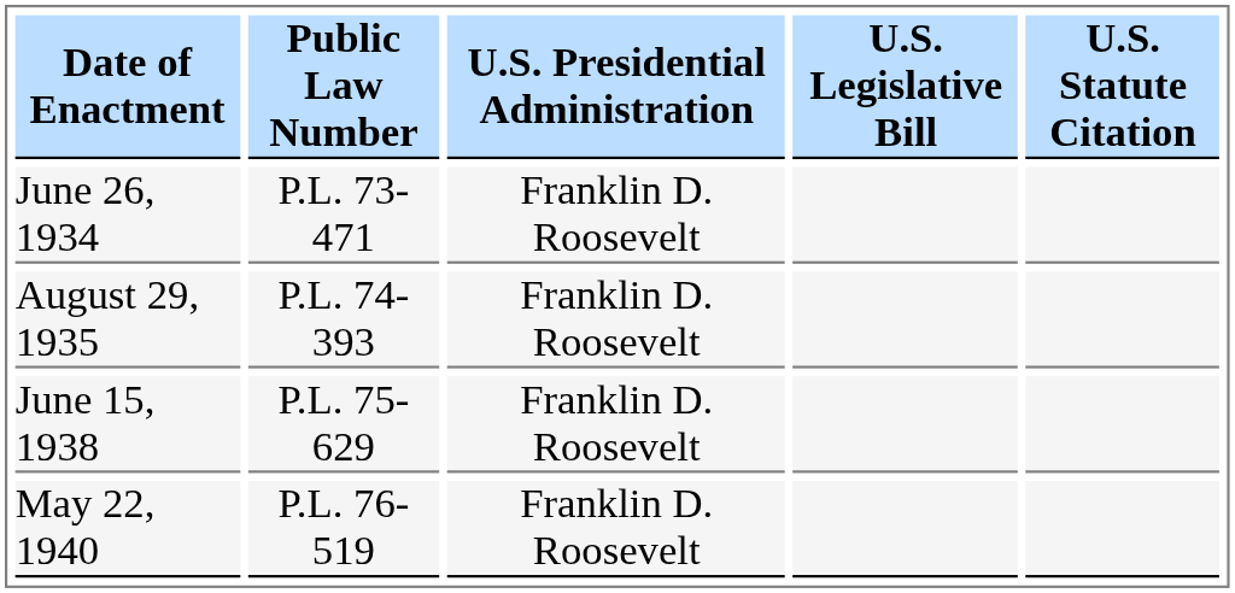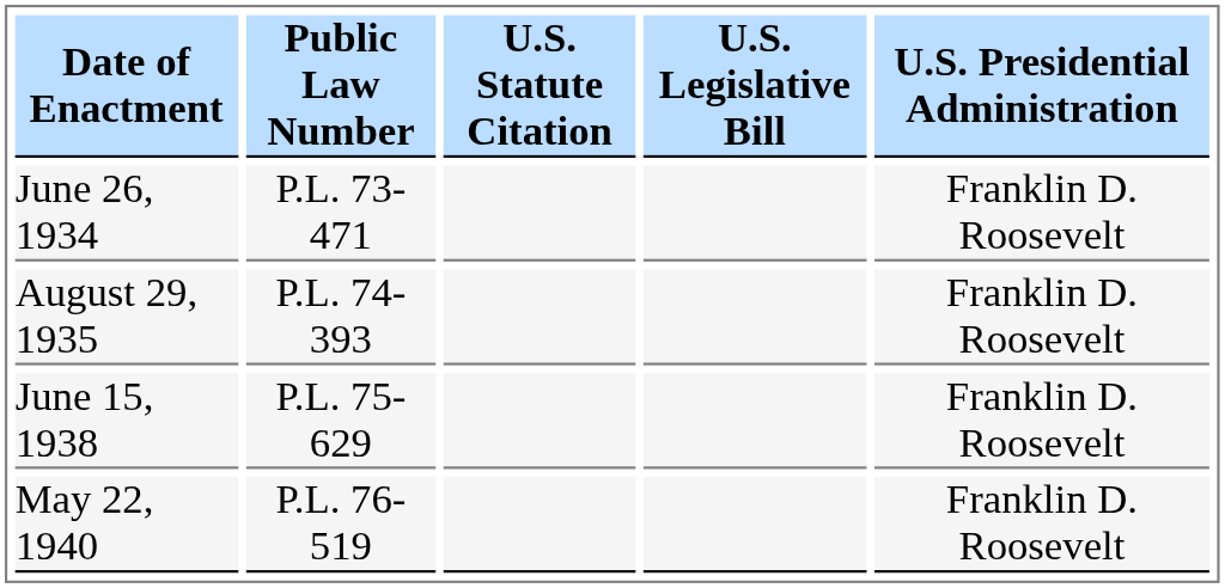 <table style="border:1px solid gray; align:left; width:75%" cellspacing=3 cellpadding=0>
 <tr style="font-weight:bold; text-align:center; background:#bbddff; color:black;">
 <th style=" border-bottom:1.5px solid black">Date of Enactment</th>
 <th style=" border-bottom:1.5px solid black">Public Law Number</th>
+<th style=" border-bottom:1.5px solid black">U.S. Statute Citation</th>
+<th style=" border-bottom:1.5px solid black">U.S. Legislative Bill</th>
 <th style=" border-bottom:1.5px solid black">U.S. Presidential Administration</th>
-<th style=" border-bottom:1.5px solid black">U.S. Legislative Bill</th>
-<th style=" border-bottom:1.5px solid black">U.S. Statute Citation</th>
 </tr>
 <tr>
 <td style="border-bottom:1px solid gray; background:#F5F5F5;">June 26, 1934</td>
 <td style="border-bottom:1px solid gray; background:#F5F5F5; text-align:center;">P.L. 73-471</td>
-<td style="border-bottom:1px solid gray; background:#F5F5F5; text-align:center;">Franklin D. Roosevelt</td>
 <td style="border-bottom:1px solid gray; background:#F5F5F5; text-align:center;"></td>
 <td style="border-bottom:1px solid gray; background:#F5F5F5; text-align:center;"></td>
+<td style="border-bottom:1px solid gray; background:#F5F5F5; text-align:center;">Franklin D. Roosevelt</td>
 </tr>
 <tr>
 <td style="border-bottom:1px solid gray; background:#F5F5F5;">August 29, 1935</td>
 <td style="border-bottom:1px solid gray; background:#F5F5F5; text-align:center;">P.L. 74-393</td>
-<td style="border-bottom:1px solid gray; background:#F5F5F5; text-align:center;">Franklin D. Roosevelt</td>
 <td style="border-bottom:1px solid gray; background:#F5F5F5; text-align:center;"></td>
 <td style="border-bottom:1px solid gray; background:#F5F5F5; text-align:center;"></td>
+<td style="border-bottom:1px solid gray; background:#F5F5F5; text-align:center;">Franklin D. Roosevelt</td>
 </tr>
 <tr>
 <td style="border-bottom:1px solid gray; background:#F5F5F5;">June 15, 1938</td>
 <td style="border-bottom:1px solid gray; background:#F5F5F5; text-align:center;">P.L. 75-629</td>
-<td style="border-bottom:1px solid gray; background:#F5F5F5; text-align:center;">Franklin D. Roosevelt</td>
 <td style="border-bottom:1px solid gray; background:#F5F5F5; text-align:center;"></td>
 <td style="border-bottom:1px solid gray; background:#F5F5F5; text-align:center;"></td>
+<td style="border-bottom:1px solid gray; background:#F5F5F5; text-align:center;">Franklin D. Roosevelt</td>
 </tr>
 <tr>
 <td style="border-bottom:1.5px solid black; background:#F5F5F5;">May 22, 1940</td>
 <td style="border-bottom:1.5px solid black; background:#F5F5F5; text-align:center;">P.L. 76-519</td>
-<td style="border-bottom:1.5px solid black; background:#F5F5F5; text-align:center;">Franklin D. Roosevelt</td>
 <td style="border-bottom:1.5px solid black; background:#F5F5F5; text-align:center;"></td>
 <td style="border-bottom:1.5px solid black; background:#F5F5F5; text-align:center;"></td>
+<td style="border-bottom:1.5px solid black; background:#F5F5F5; text-align:center;">Franklin D. Roosevelt</td>
 </tr>
 </table>
